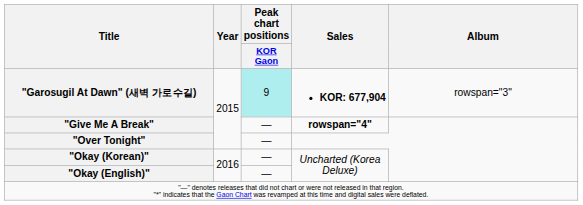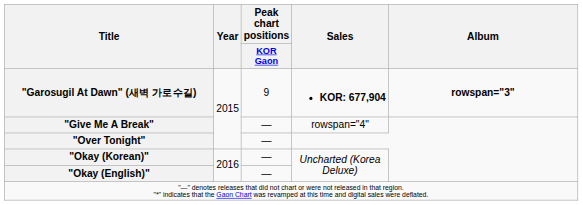 <table class="wikitable plainrowheaders" style="text-align:center">
 <tr>
 <th scope="col" rowspan="2" style="width:20em;">Title</th>
 <th scope="col" rowspan="2" style="width:2em;">Year</th>
 <th scope="col">Peak chart positions</th>
 <th scope="col" rowspan="2" style="width:9em;">Sales</th>
 <th scope="col" rowspan="2" style="width:18em;">Album</th>
 </tr>
 <tr>
 <th style="text-align:center; width:30px; font-size:90%;"><a href='#'>KOR<br>Gaon</a></th>
 </tr>
 <tr>
 <th scope="row">"Garosugil At Dawn" (새벽 가로수길)<br></th>
 <td rowspan="3">2015</td>
-<td style="background: paleturquoise;">9</td>
+<td>9</td>
 <td><strong><br><ul><li>KOR: 677,904</li></ul></strong></td>
-<td>rowspan="3" </td>
+<td><strong>rowspan="3" </strong></td>
 </tr>
 <tr>
 <th scope="row">"Give Me A Break"<br></th>
 <td>—</td>
-<td><strong>rowspan="4" </strong></td>
+<td>rowspan="4" </td>
 </tr>
 <tr>
 <th scope="row">"Over Tonight"<br></th>
 <td>—</td>
 </tr>
 <tr>
 <th scope="row">"Okay (Korean)"<br></th>
 <td rowspan="2">2016</td>
 <td>—</td>
 <td rowspan="2"><em>Uncharted (Korea Deluxe)</em></td>
 </tr>
 <tr>
 <th scope="row">"Okay (English)"<br></th>
 <td>—</td>
 </tr>
 <tr>
 <td colspan="6" style="text-align:center; font-size:8pt;">"—" denotes releases that did not chart or were not released in that region.<br>"*" indicates that the <a href='#'>Gaon Chart</a> was revamped at this time and digital sales were deflated.</td>
 </tr>
 </table>
